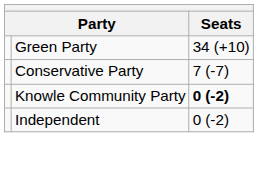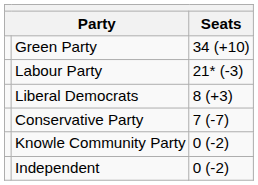 <table class="wikitable">
 <tr>
 <th colspan="3"></th>
 </tr>
 <tr>
 <th colspan="2">Party</th>
 <th>Seats</th>
 </tr>
 <tr>
 <td style="color:inherit;background:"></td>
 <td>Green Party</td>
 <td>34 (+10)</td>
 </tr>
 <tr>
 <td style="color:inherit;background:"></td>
+<td>Labour Party</td>
+<td>21* (-3)</td>
+</tr>
+<tr>
+<td style="color:inherit;background:"></td>
+<td>Liberal Democrats</td>
+<td>8 (+3)</td>
+</tr>
+<tr>
+<td style="color:inherit;background:"></td>
 <td>Conservative Party</td>
 <td>7 (-7)</td>
 </tr>
 <tr>
 <td style="color:inherit;background:"></td>
 <td>Knowle Community Party</td>
-<td><strong>0 (-2)</strong></td>
+<td>0 (-2)</td>
 </tr>
 <tr>
 <td style="color:inherit;background:"></td>
 <td>Independent</td>
 <td>0 (-2)</td>
 </tr>
 </table>
